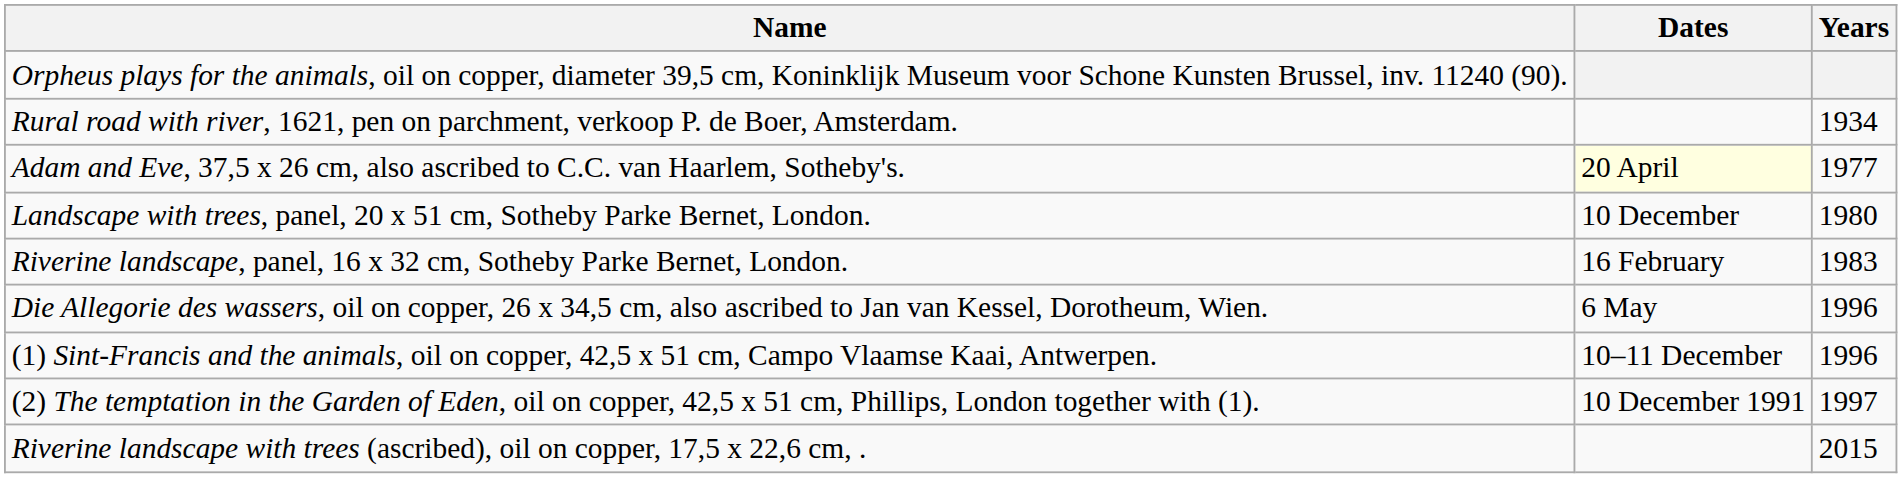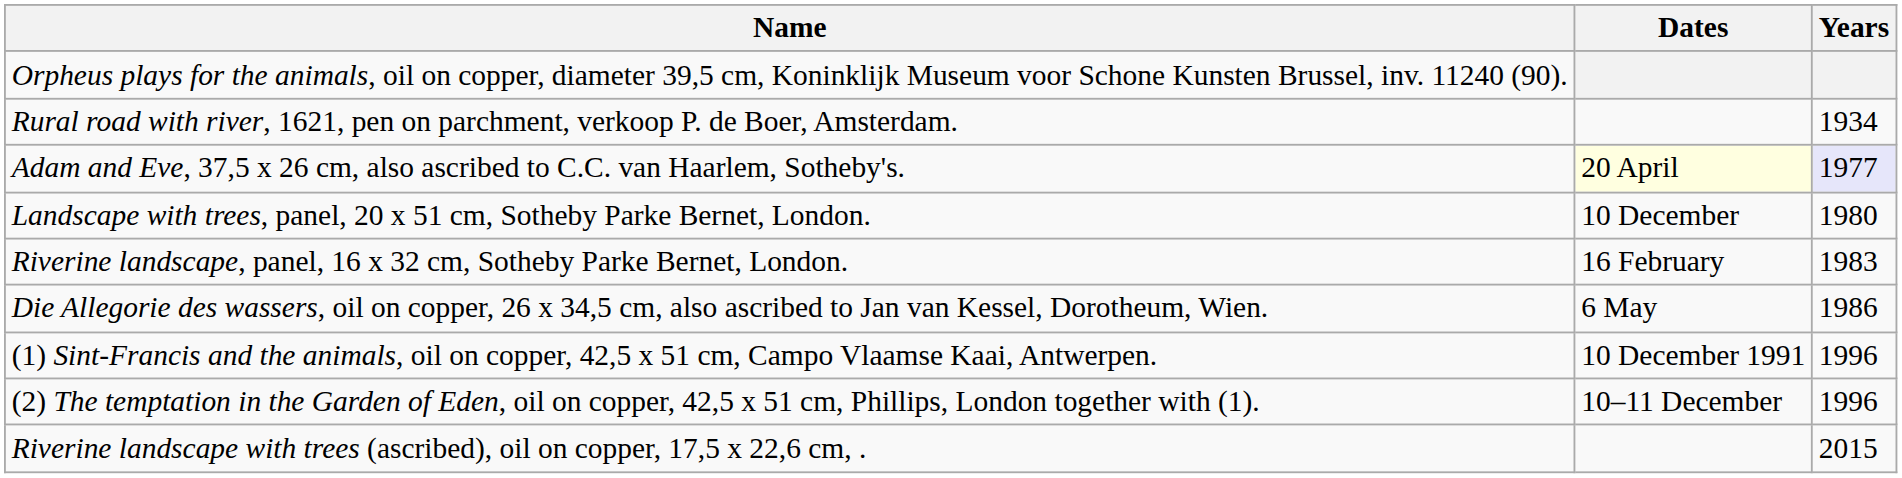 <table class="wikitable">
 <tr>
 <th>Name</th>
 <th>Dates</th>
 <th>Years</th>
 </tr>
 <tr>
 <td><em>Orpheus plays for the animals</em>, oil on copper, diameter 39,5 cm, Koninklijk Museum voor Schone Kunsten Brussel, inv. 11240 (90).</td>
 <th></th>
 <th></th>
 </tr>
 <tr>
 <td><em>Rural road with river</em>, 1621, pen on parchment, verkoop P. de Boer, Amsterdam.</td>
 <td></td>
 <td>1934</td>
 </tr>
 <tr>
 <td><em>Adam and Eve</em>, 37,5 x 26 cm, also ascribed to C.C. van Haarlem, Sotheby's.</td>
 <td style="background: lightyellow;">20 April</td>
-<td>1977</td>
+<td style="background: lavender;">1977</td>
 </tr>
 <tr>
 <td><em>Landscape with trees</em>, panel, 20 x 51 cm, Sotheby Parke Bernet, London.</td>
 <td>10 December</td>
 <td>1980</td>
 </tr>
 <tr>
 <td><em>Riverine landscape</em>, panel, 16 x 32 cm, Sotheby Parke Bernet, London.</td>
 <td>16 February</td>
 <td>1983</td>
 </tr>
 <tr>
 <td><em>Die Allegorie des wassers</em>, oil on copper, 26 x 34,5 cm, also ascribed to Jan van Kessel, Dorotheum, Wien.</td>
 <td>6 May</td>
-<td>1996</td>
+<td>1986</td>
 </tr>
 <tr>
 <td>(1) <em>Sint-Francis and the animals</em>, oil on copper, 42,5 x 51 cm, Campo Vlaamse Kaai, Antwerpen.</td>
-<td>10–11 December</td>
+<td>10 December 1991</td>
 <td>1996</td>
 </tr>
 <tr>
 <td>(2) <em>The temptation in the Garden of Eden</em>, oil on copper, 42,5 x 51 cm, Phillips,  London together with (1).</td>
-<td>10 December 1991</td>
-<td>1997</td>
+<td>10–11 December</td>
+<td>1996</td>
 </tr>
 <tr>
 <td><em>Riverine landscape with trees</em> (ascribed), oil on copper, 17,5 x 22,6 cm,  .</td>
 <td></td>
 <td>2015</td>
 </tr>
 </table>
